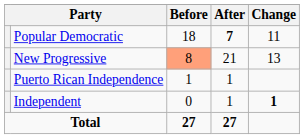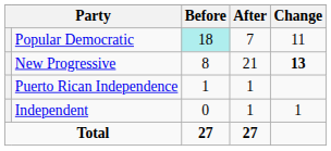 <table class="wikitable" style="text-align:center;">
 <tr>
 </tr>
 <tr>
 <th colspan=2>Party</th>
 <th>Before</th>
 <th>After</th>
 <th>Change</th>
 </tr>
 <tr>
 <th style="background-color:"></th>
 <td style="text-align:left;"><a href='#'>Popular Democratic</a></td>
-<td>18</td>
-<td><strong>7</strong></td>
+<td style="background: paleturquoise;">18</td>
+<td>7</td>
 <td> 11</td>
 </tr>
 <tr>
 <th style="background-color:"></th>
 <td style="text-align:left;"><a href='#'>New Progressive</a></td>
-<td style="background: lightsalmon;">8</td>
+<td>8</td>
 <td>21</td>
-<td> 13</td>
+<td><strong> 13</strong></td>
 </tr>
 <tr>
 <th style="background-color:"></th>
 <td style="text-align:left;"><a href='#'>Puerto Rican Independence</a></td>
 <td>1</td>
 <td>1</td>
 <td></td>
 </tr>
 <tr>
 <th style="background-color:"></th>
 <td style="text-align:left;"><a href='#'>Independent</a></td>
 <td>0</td>
 <td>1</td>
-<td><strong> 1</strong></td>
+<td> 1</td>
 </tr>
 <tr>
 <td colspan=2><strong>Total</strong></td>
 <td><strong>27</strong></td>
 <td><strong>27</strong></td>
 <td></td>
 </tr>
 </table>
